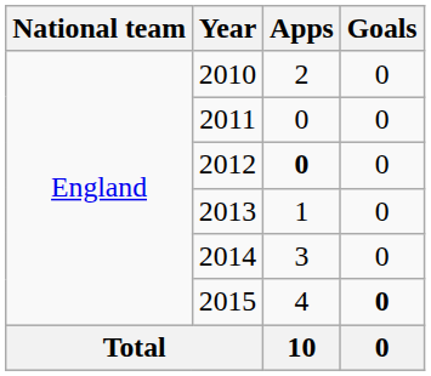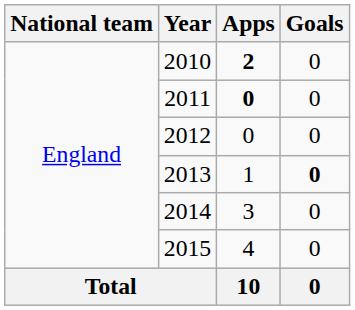 <table class=wikitable style=text-align:center>
 <tr>
 <th>National team</th>
 <th>Year</th>
 <th>Apps</th>
 <th>Goals</th>
 </tr>
 <tr>
 <td rowspan="6"><a href='#'>England</a></td>
 <td>2010</td>
-<td>2</td>
+<td><strong>2</strong></td>
 <td>0</td>
 </tr>
 <tr>
 <td>2011</td>
-<td>0</td>
+<td><strong>0</strong></td>
 <td>0</td>
 </tr>
 <tr>
 <td>2012</td>
-<td><strong>0</strong></td>
+<td>0</td>
 <td>0</td>
 </tr>
 <tr>
 <td>2013</td>
 <td>1</td>
-<td>0</td>
+<td><strong>0</strong></td>
 </tr>
 <tr>
 <td>2014</td>
 <td>3</td>
 <td>0</td>
 </tr>
 <tr>
 <td>2015</td>
 <td>4</td>
-<td><strong>0</strong></td>
+<td>0</td>
 </tr>
 <tr>
 <th colspan=2>Total</th>
 <th>10</th>
 <th>0</th>
 </tr>
 </table>
